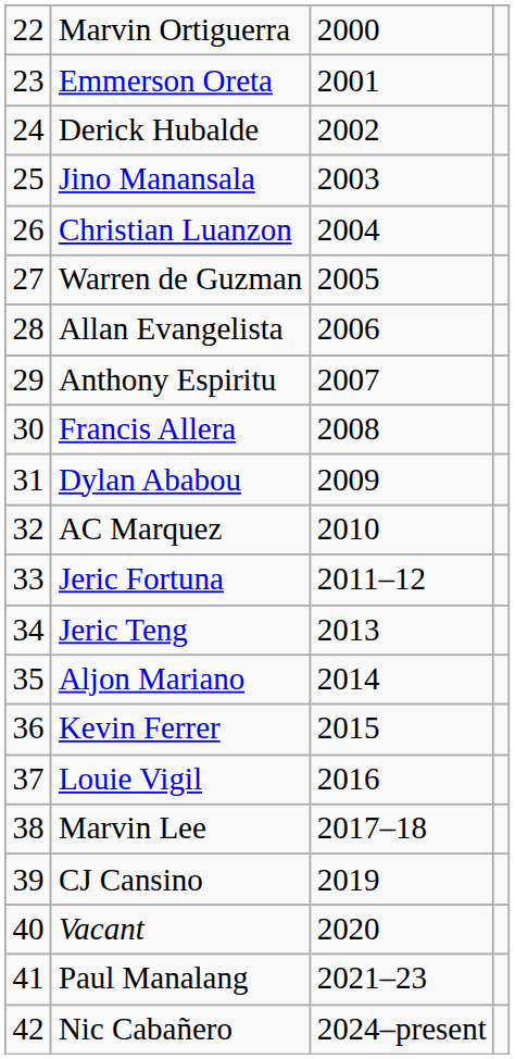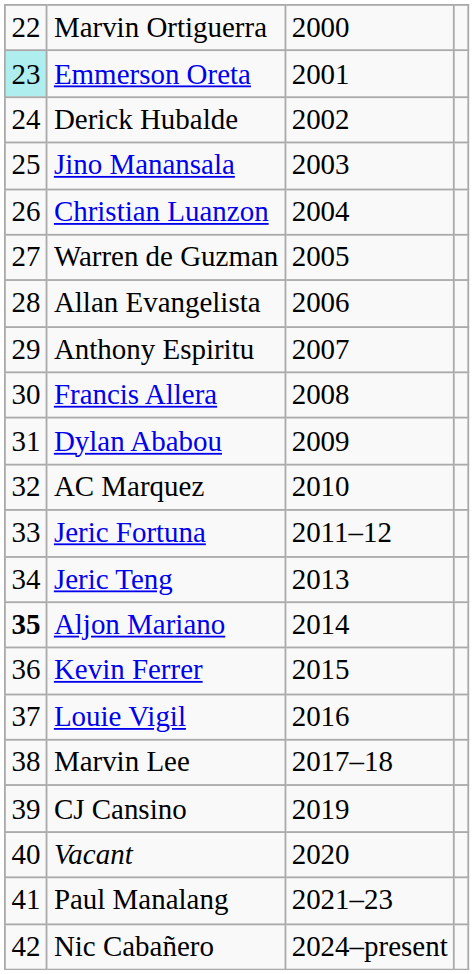 <table class=wikitable>
 <tr>
 <td>22</td>
 <td>Marvin Ortiguerra</td>
 <td>2000</td>
 <td></td>
 </tr>
 <tr>
-<td>23</td>
+<td style="background: paleturquoise;">23</td>
 <td><a href='#'>Emmerson Oreta</a></td>
 <td>2001</td>
 <td></td>
 </tr>
 <tr>
 <td>24</td>
 <td>Derick Hubalde</td>
 <td>2002</td>
 <td></td>
 </tr>
 <tr>
 <td>25</td>
 <td><a href='#'>Jino Manansala</a></td>
 <td>2003</td>
 <td></td>
 </tr>
 <tr>
 <td>26</td>
 <td><a href='#'>Christian Luanzon</a></td>
 <td>2004</td>
 <td></td>
 </tr>
 <tr>
 <td>27</td>
 <td>Warren de Guzman</td>
 <td>2005</td>
 <td></td>
 </tr>
 <tr>
 <td>28</td>
 <td>Allan Evangelista</td>
 <td>2006</td>
 <td></td>
 </tr>
 <tr>
 <td>29</td>
 <td>Anthony Espiritu</td>
 <td>2007</td>
 <td></td>
 </tr>
 <tr>
 <td>30</td>
 <td><a href='#'>Francis Allera</a></td>
 <td>2008</td>
 <td></td>
 </tr>
 <tr>
 <td>31</td>
 <td><a href='#'>Dylan Ababou</a></td>
 <td>2009</td>
 <td></td>
 </tr>
 <tr>
 <td>32</td>
 <td>AC Marquez</td>
 <td>2010</td>
 <td></td>
 </tr>
 <tr>
 <td>33</td>
 <td><a href='#'>Jeric Fortuna</a></td>
 <td>2011–12</td>
 <td></td>
 </tr>
 <tr>
 <td>34</td>
 <td><a href='#'>Jeric Teng</a></td>
 <td>2013</td>
 <td></td>
 </tr>
 <tr>
-<td>35</td>
+<td><strong>35</strong></td>
 <td><a href='#'>Aljon Mariano</a></td>
 <td>2014</td>
 <td></td>
 </tr>
 <tr>
 <td>36</td>
 <td><a href='#'>Kevin Ferrer</a></td>
 <td>2015</td>
 <td></td>
 </tr>
 <tr>
 <td>37</td>
 <td><a href='#'>Louie Vigil</a></td>
 <td>2016</td>
 <td></td>
 </tr>
 <tr>
 <td>38</td>
 <td>Marvin Lee</td>
 <td>2017–18</td>
 <td></td>
 </tr>
 <tr>
 <td>39</td>
 <td>CJ Cansino</td>
 <td>2019</td>
 <td></td>
 </tr>
 <tr>
 <td>40</td>
 <td><em>Vacant</em></td>
 <td>2020</td>
 <td></td>
 </tr>
 <tr>
 <td>41</td>
 <td>Paul Manalang</td>
 <td>2021–23</td>
 <td></td>
 </tr>
 <tr>
 <td>42</td>
 <td>Nic Cabañero</td>
 <td>2024–present</td>
 <td></td>
 </tr>
 </table>
